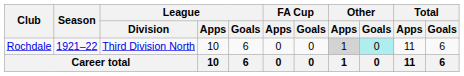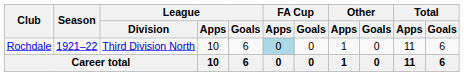 <table class="wikitable" style="text-align:center">
 <tr>
 <th rowspan="2">Club</th>
 <th rowspan="2">Season</th>
 <th colspan="3">League</th>
 <th colspan="2">FA Cup</th>
 <th colspan="2">Other</th>
 <th colspan="2">Total</th>
 </tr>
 <tr>
 <th>Division</th>
 <th>Apps</th>
 <th>Goals</th>
 <th>Apps</th>
 <th>Goals</th>
 <th>Apps</th>
 <th>Goals</th>
 <th>Apps</th>
 <th>Goals</th>
 </tr>
 <tr>
 <td><a href='#'>Rochdale</a></td>
 <td><a href='#'>1921–22</a></td>
 <td><a href='#'>Third Division North</a></td>
 <td>10</td>
 <td>6</td>
+<td style="background: lightblue;">0</td>
 <td>0</td>
+<td>1</td>
 <td>0</td>
-<td style="background: lightgrey;">1</td>
-<td style="background: paleturquoise;">0</td>
 <td>11</td>
 <td>6</td>
 </tr>
 <tr>
 <th colspan="3">Career total</th>
 <th>10</th>
 <th>6</th>
 <th>0</th>
 <th>0</th>
 <th>1</th>
 <th>0</th>
 <th>11</th>
 <th>6</th>
 </tr>
 </table>
